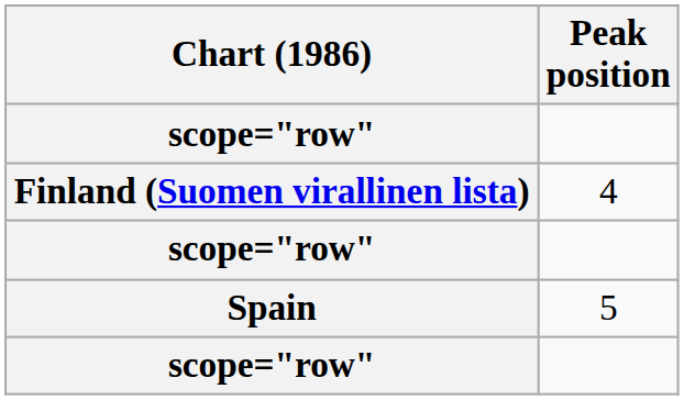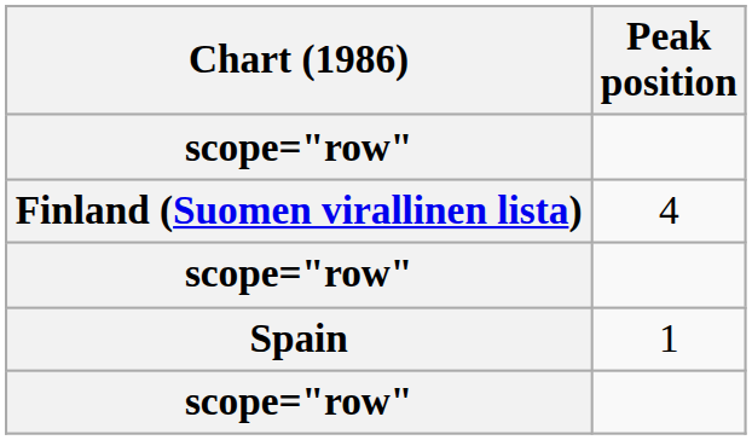 <table class="wikitable sortable plainrowheaders">
 <tr>
 <th>Chart (1986)</th>
 <th>Peak<br>position</th>
 </tr>
 <tr>
 <th>scope="row"</th>
 </tr>
 <tr>
 <th scope="row">Finland (<a href='#'>Suomen virallinen lista</a>)</th>
 <td align="center">4</td>
 </tr>
 <tr>
 <th>scope="row"</th>
 </tr>
 <tr>
 <th scope="row">Spain</th>
-<td align="center">5</td>
+<td align="center">1</td>
 </tr>
 <tr>
 <th>scope="row"</th>
 </tr>
 </table>
